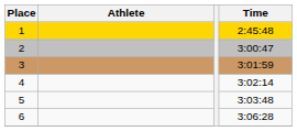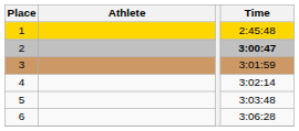 <table class="wikitable" style="text-align:center">
 <tr>
 <th>Place</th>
 <th width=250>Athlete</th>
 <th rowspan=27></th>
 <th width=100>Time</th>
 </tr>
 <tr bgcolor=gold>
 <td>1</td>
 <td align=left></td>
 <td>2:45:48</td>
 </tr>
 <tr bgcolor=silver>
 <td>2</td>
 <td align=left></td>
-<td>3:00:47</td>
+<td><strong>3:00:47</strong></td>
 </tr>
 <tr bgcolor=cc9966>
 <td>3</td>
 <td align=left></td>
 <td>3:01:59</td>
 </tr>
 <tr>
 <td>4</td>
 <td align=left></td>
 <td>3:02:14</td>
 </tr>
 <tr>
 <td>5</td>
 <td align=left></td>
 <td>3:03:48</td>
 </tr>
 <tr>
 <td>6</td>
 <td align=left></td>
 <td>3:06:28</td>
 </tr>
 <tr>
 </tr>
 </table>
